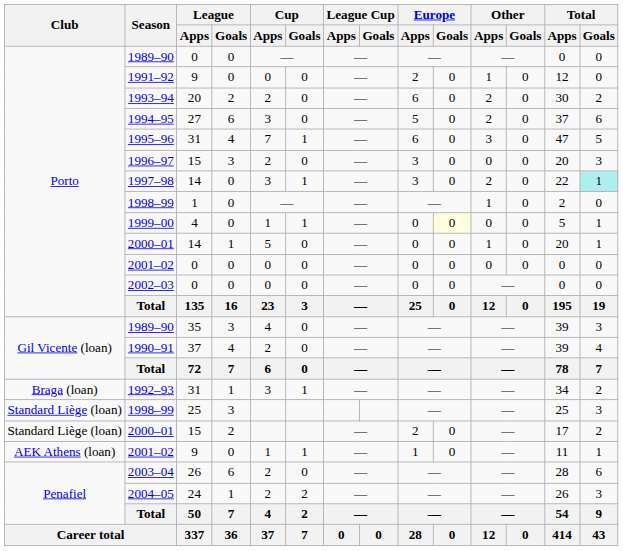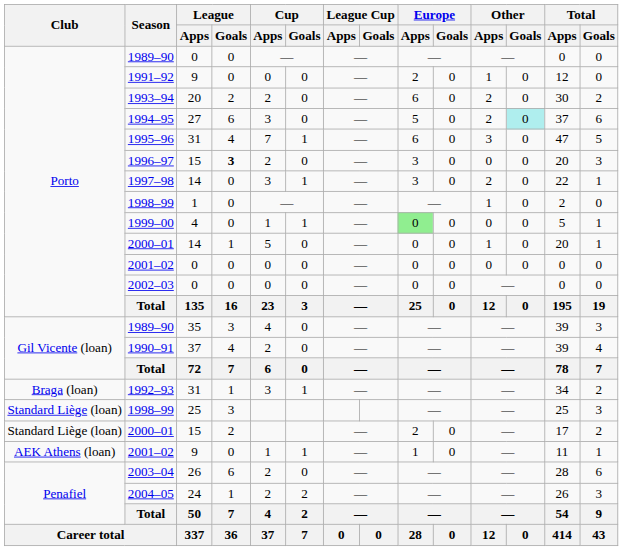 <table class="wikitable" style="text-align:center">
 <tr>
 <th rowspan="2">Club</th>
 <th rowspan="2">Season</th>
 <th colspan="2">League</th>
 <th colspan="2">Cup</th>
 <th colspan="2">League Cup</th>
 <th colspan="2"><a href='#'>Europe</a></th>
 <th colspan="2">Other</th>
 <th colspan="2">Total</th>
 </tr>
 <tr>
 <th>Apps</th>
 <th>Goals</th>
 <th>Apps</th>
 <th>Goals</th>
 <th>Apps</th>
 <th>Goals</th>
 <th>Apps</th>
 <th>Goals</th>
 <th>Apps</th>
 <th>Goals</th>
 <th>Apps</th>
 <th>Goals</th>
 </tr>
 <tr>
 <td rowspan="13"><a href='#'>Porto</a></td>
 <td><a href='#'>1989–90</a></td>
 <td>0</td>
 <td>0</td>
 <td colspan="2">—</td>
 <td colspan="2">—</td>
 <td colspan="2">—</td>
 <td colspan="2">—</td>
 <td>0</td>
 <td>0</td>
 </tr>
 <tr>
 <td><a href='#'>1991–92</a></td>
 <td>9</td>
 <td>0</td>
 <td>0</td>
 <td>0</td>
 <td colspan="2">—</td>
 <td>2</td>
 <td>0</td>
 <td>1</td>
 <td>0</td>
 <td>12</td>
 <td>0</td>
 </tr>
 <tr>
 <td><a href='#'>1993–94</a></td>
 <td>20</td>
 <td>2</td>
 <td>2</td>
 <td>0</td>
 <td colspan="2">—</td>
 <td>6</td>
 <td>0</td>
 <td>2</td>
 <td>0</td>
 <td>30</td>
 <td>2</td>
 </tr>
 <tr>
 <td><a href='#'>1994–95</a></td>
 <td>27</td>
 <td>6</td>
 <td>3</td>
 <td>0</td>
 <td colspan="2">—</td>
 <td>5</td>
 <td>0</td>
 <td>2</td>
-<td>0</td>
+<td style="background: paleturquoise;">0</td>
 <td>37</td>
 <td>6</td>
 </tr>
 <tr>
 <td><a href='#'>1995–96</a></td>
 <td>31</td>
 <td>4</td>
 <td>7</td>
 <td>1</td>
 <td colspan="2">—</td>
 <td>6</td>
 <td>0</td>
 <td>3</td>
 <td>0</td>
 <td>47</td>
 <td>5</td>
 </tr>
 <tr>
 <td><a href='#'>1996–97</a></td>
 <td>15</td>
-<td>3</td>
+<td><strong>3</strong></td>
 <td>2</td>
 <td>0</td>
 <td colspan="2">—</td>
 <td>3</td>
 <td>0</td>
 <td>0</td>
 <td>0</td>
 <td>20</td>
 <td>3</td>
 </tr>
 <tr>
 <td><a href='#'>1997–98</a></td>
 <td>14</td>
 <td>0</td>
 <td>3</td>
 <td>1</td>
 <td colspan="2">—</td>
 <td>3</td>
 <td>0</td>
 <td>2</td>
 <td>0</td>
 <td>22</td>
-<td style="background: paleturquoise;">1</td>
+<td>1</td>
 </tr>
 <tr>
 <td><a href='#'>1998–99</a></td>
 <td>1</td>
 <td>0</td>
 <td colspan="2">—</td>
 <td colspan="2">—</td>
 <td colspan="2">—</td>
 <td>1</td>
 <td>0</td>
 <td>2</td>
 <td>0</td>
 </tr>
 <tr>
 <td><a href='#'>1999–00</a></td>
 <td>4</td>
 <td>0</td>
 <td>1</td>
 <td>1</td>
 <td colspan="2">—</td>
+<td style="background: lightgreen;">0</td>
 <td>0</td>
-<td style="background: lightyellow;">0</td>
 <td>0</td>
 <td>0</td>
 <td>5</td>
 <td>1</td>
 </tr>
 <tr>
 <td><a href='#'>2000–01</a></td>
 <td>14</td>
 <td>1</td>
 <td>5</td>
 <td>0</td>
 <td colspan="2">—</td>
 <td>0</td>
 <td>0</td>
 <td>1</td>
 <td>0</td>
 <td>20</td>
 <td>1</td>
 </tr>
 <tr>
 <td><a href='#'>2001–02</a></td>
 <td>0</td>
 <td>0</td>
 <td>0</td>
 <td>0</td>
 <td colspan="2">—</td>
 <td>0</td>
 <td>0</td>
 <td>0</td>
 <td>0</td>
 <td>0</td>
 <td>0</td>
 </tr>
 <tr>
 <td><a href='#'>2002–03</a></td>
 <td>0</td>
 <td>0</td>
 <td>0</td>
 <td>0</td>
 <td colspan="2">—</td>
 <td>0</td>
 <td>0</td>
 <td colspan="2">—</td>
 <td>0</td>
 <td>0</td>
 </tr>
 <tr>
 <th>Total</th>
 <th>135</th>
 <th>16</th>
 <th>23</th>
 <th>3</th>
 <th colspan="2">—</th>
 <th>25</th>
 <th>0</th>
 <th>12</th>
 <th>0</th>
 <th>195</th>
 <th>19</th>
 </tr>
 <tr>
 <td rowspan="3"><a href='#'>Gil Vicente</a> (loan)</td>
 <td><a href='#'>1989–90</a></td>
 <td>35</td>
 <td>3</td>
 <td>4</td>
 <td>0</td>
 <td colspan="2">—</td>
 <td colspan="2">—</td>
 <td colspan="2">—</td>
 <td>39</td>
 <td>3</td>
 </tr>
 <tr>
 <td><a href='#'>1990–91</a></td>
 <td>37</td>
 <td>4</td>
 <td>2</td>
 <td>0</td>
 <td colspan="2">—</td>
 <td colspan="2">—</td>
 <td colspan="2">—</td>
 <td>39</td>
 <td>4</td>
 </tr>
 <tr>
 <th>Total</th>
 <th>72</th>
 <th>7</th>
 <th>6</th>
 <th>0</th>
 <th colspan="2">—</th>
 <th colspan="2">—</th>
 <th colspan="2">—</th>
 <th>78</th>
 <th>7</th>
 </tr>
 <tr>
 <td><a href='#'>Braga</a> (loan)</td>
 <td><a href='#'>1992–93</a></td>
 <td>31</td>
 <td>1</td>
 <td>3</td>
 <td>1</td>
 <td colspan="2">—</td>
 <td colspan="2">—</td>
 <td colspan="2">—</td>
 <td>34</td>
 <td>2</td>
 </tr>
 <tr>
 <td><a href='#'>Standard Liège</a> (loan)</td>
 <td><a href='#'>1998–99</a></td>
 <td>25</td>
 <td>3</td>
 <td></td>
 <td></td>
 <td></td>
 <td></td>
 <td colspan="2">—</td>
 <td colspan="2">—</td>
 <td>25</td>
 <td>3</td>
 </tr>
 <tr>
 <td>Standard Liège (loan)</td>
 <td><a href='#'>2000–01</a></td>
 <td>15</td>
 <td>2</td>
 <td></td>
 <td></td>
 <td colspan="2">—</td>
 <td>2</td>
 <td>0</td>
 <td colspan="2">—</td>
 <td>17</td>
 <td>2</td>
 </tr>
 <tr>
 <td><a href='#'>AEK Athens</a> (loan)</td>
 <td><a href='#'>2001–02</a></td>
 <td>9</td>
 <td>0</td>
 <td>1</td>
 <td>1</td>
 <td colspan="2">—</td>
 <td>1</td>
 <td>0</td>
 <td colspan="2">—</td>
 <td>11</td>
 <td>1</td>
 </tr>
 <tr>
 <td rowspan="3"><a href='#'>Penafiel</a></td>
 <td><a href='#'>2003–04</a></td>
 <td>26</td>
 <td>6</td>
 <td>2</td>
 <td>0</td>
 <td colspan="2">—</td>
 <td colspan="2">—</td>
 <td colspan="2">—</td>
 <td>28</td>
 <td>6</td>
 </tr>
 <tr>
 <td><a href='#'>2004–05</a></td>
 <td>24</td>
 <td>1</td>
 <td>2</td>
 <td>2</td>
 <td colspan="2">—</td>
 <td colspan="2">—</td>
 <td colspan="2">—</td>
 <td>26</td>
 <td>3</td>
 </tr>
 <tr>
 <th>Total</th>
 <th>50</th>
 <th>7</th>
 <th>4</th>
 <th>2</th>
 <th colspan="2">—</th>
 <th colspan="2">—</th>
 <th colspan="2">—</th>
 <th>54</th>
 <th>9</th>
 </tr>
 <tr>
 <th colspan="2">Career total</th>
 <th>337</th>
 <th>36</th>
 <th>37</th>
 <th>7</th>
 <th>0</th>
 <th>0</th>
 <th>28</th>
 <th>0</th>
 <th>12</th>
 <th>0</th>
 <th>414</th>
 <th>43</th>
 </tr>
 </table>
